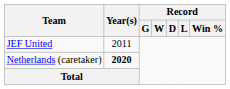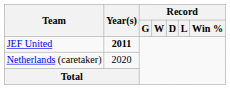 <table class="wikitable" style="text-align: center">
 <tr>
 <th rowspan="2">Team</th>
 <th rowspan="2">Year(s)</th>
 <th colspan="5">Record</th>
 </tr>
 <tr>
 <th>G</th>
 <th>W</th>
 <th>D</th>
 <th>L</th>
 <th>Win %</th>
 </tr>
 <tr>
 <td align="left"><a href='#'>JEF United</a></td>
-<td>2011<br></td>
+<td><strong>2011<br></strong></td>
 </tr>
 <tr>
 <td align="left"><a href='#'>Netherlands</a> (caretaker)</td>
-<td><strong>2020<br></strong></td>
+<td>2020<br></td>
 </tr>
 <tr>
 <th colspan="2">Total<br></th>
 </tr>
 </table>
